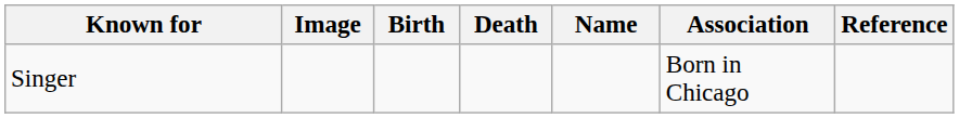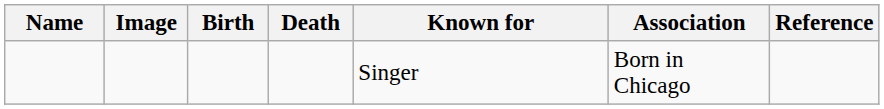 <table class="wikitable sortable">
 <tr>
-<th scope="col" width="600" class="unsortable">Known for</th>
+<th scope="col" width="140">Name</th>
 <th scope="col" width="80" class="unsortable">Image</th>
 <th scope="col" width="90">Birth</th>
 <th scope="col" width="90">Death</th>
-<th scope="col" width="140">Name</th>
+<th scope="col" width="600" class="unsortable">Known for</th>
 <th scope="col" width="200" class="unsortable">Association</th>
 <th scope="col" width="30" class="unsortable">Reference</th>
 </tr>
 <tr>
-<td>Singer</td>
+<td></td>
 <td></td>
 <td align=right></td>
 <td align=right></td>
-<td></td>
+<td>Singer</td>
 <td>Born in Chicago</td>
 <td align="center"></td>
 </tr>
 </table>
